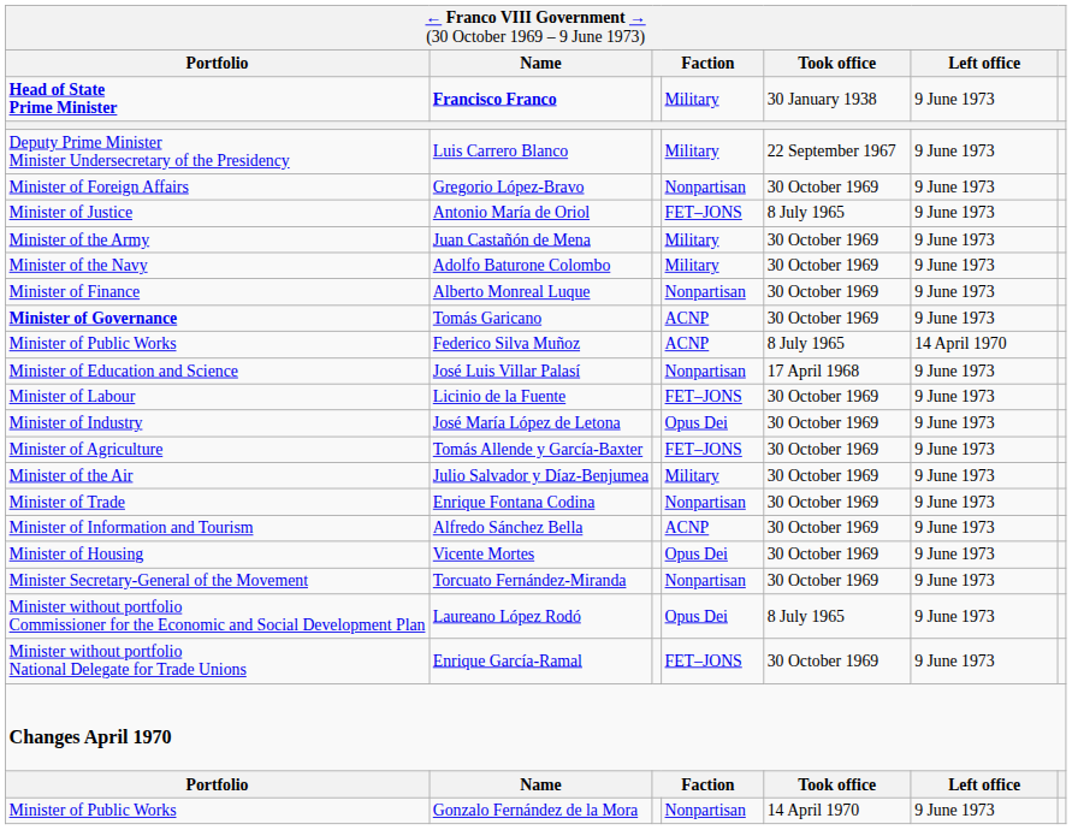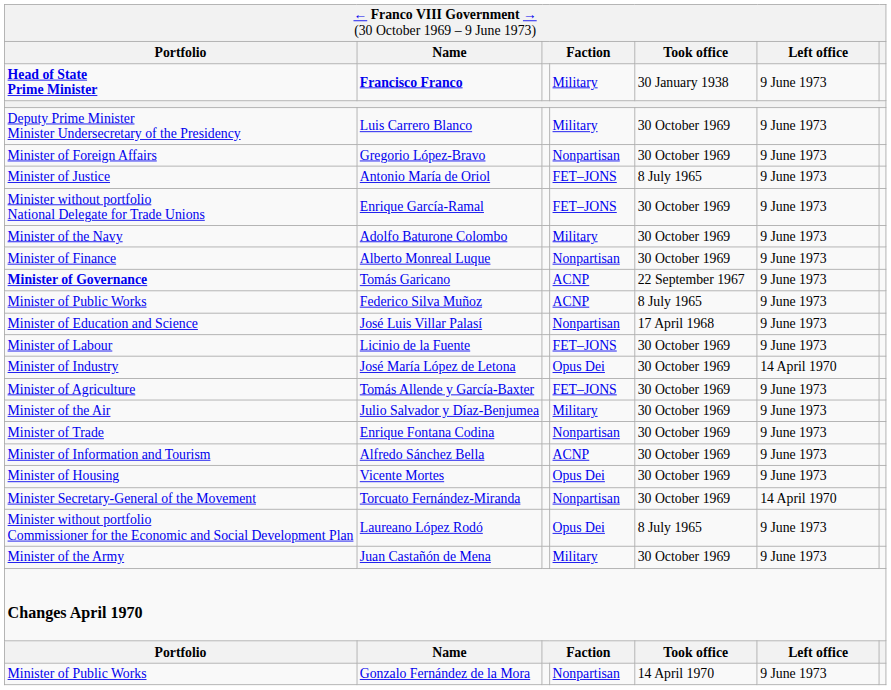 <table class="wikitable">
 <tr>
 <td colspan="7" bgcolor="#F2F2F2" align="center"><a href='#'>←</a> <strong>Franco VIII Government</strong> <a href='#'>→</a><br>(30 October 1969 – 9 June 1973)</td>
 </tr>
 <tr>
 <th>Portfolio</th>
 <th>Name</th>
 <th width="100px" colspan="2">Faction</th>
 <th width="135px">Took office</th>
 <th width="135px">Left office</th>
 <th></th>
 </tr>
 <tr>
 <td><strong><a href='#'>Head of State</a><br><a href='#'>Prime Minister</a></strong></td>
 <td><strong><a href='#'>Francisco Franco</a></strong></td>
 <td width="1" style="background-color:"></td>
 <td><a href='#'>Military</a></td>
 <td>30 January 1938</td>
 <td>9 June 1973</td>
 <td align="center"><br></td>
 </tr>
 <tr>
 <th colspan="7"></th>
 </tr>
 <tr>
 <td><a href='#'>Deputy Prime Minister</a><br><a href='#'>Minister Undersecretary of the Presidency</a></td>
 <td><a href='#'>Luis Carrero Blanco</a></td>
 <td style="background-color:"></td>
 <td><a href='#'>Military</a></td>
-<td>22 September 1967</td>
+<td>30 October 1969</td>
 <td>9 June 1973</td>
 <td align="center"></td>
 </tr>
 <tr>
 <td><a href='#'>Minister of Foreign Affairs</a></td>
 <td><a href='#'>Gregorio López-Bravo</a></td>
 <td style="background-color:"></td>
 <td><a href='#'>Nonpartisan</a></td>
 <td>30 October 1969</td>
 <td>9 June 1973</td>
 <td align="center"></td>
 </tr>
 <tr>
 <td><a href='#'>Minister of Justice</a></td>
 <td><a href='#'>Antonio María de Oriol</a></td>
 <td style="background-color:"></td>
 <td><a href='#'>FET–JONS</a></td>
 <td>8 July 1965</td>
 <td>9 June 1973</td>
 <td align="center"></td>
 </tr>
 <tr>
-<td><a href='#'>Minister of the Army</a></td>
-<td><a href='#'>Juan Castañón de Mena</a></td>
+<td><a href='#'>Minister without portfolio</a><br><a href='#'>National Delegate for Trade Unions</a></td>
+<td><a href='#'>Enrique García-Ramal</a></td>
 <td style="background-color:"></td>
-<td><a href='#'>Military</a></td>
+<td><a href='#'>FET–JONS</a></td>
 <td>30 October 1969</td>
 <td>9 June 1973</td>
-<td align="center"></td>
+<td align="center"><br></td>
 </tr>
 <tr>
 <td><a href='#'>Minister of the Navy</a></td>
 <td><a href='#'>Adolfo Baturone Colombo</a></td>
 <td style="background-color:"></td>
 <td><a href='#'>Military</a></td>
 <td>30 October 1969</td>
 <td>9 June 1973</td>
 <td align="center"></td>
 </tr>
 <tr>
 <td><a href='#'>Minister of Finance</a></td>
 <td><a href='#'>Alberto Monreal Luque</a></td>
 <td style="background-color:"></td>
 <td><a href='#'>Nonpartisan</a></td>
 <td>30 October 1969</td>
 <td>9 June 1973</td>
 <td align="center"></td>
 </tr>
 <tr>
 <td><strong><a href='#'>Minister of Governance</a></strong></td>
 <td><a href='#'>Tomás Garicano</a></td>
 <td style="background-color:"></td>
 <td><a href='#'>ACNP</a></td>
-<td>30 October 1969</td>
+<td>22 September 1967</td>
 <td>9 June 1973</td>
 <td align="center"></td>
 </tr>
 <tr>
 <td><a href='#'>Minister of Public Works</a></td>
 <td><a href='#'>Federico Silva Muñoz</a></td>
 <td style="background-color:"></td>
 <td><a href='#'>ACNP</a></td>
 <td>8 July 1965</td>
-<td>14 April 1970</td>
+<td>9 June 1973</td>
 <td align="center"></td>
 </tr>
 <tr>
 <td><a href='#'>Minister of Education and Science</a></td>
 <td><a href='#'>José Luis Villar Palasí</a></td>
 <td style="background-color:"></td>
 <td><a href='#'>Nonpartisan</a></td>
 <td>17 April 1968</td>
 <td>9 June 1973</td>
 <td align="center"></td>
 </tr>
 <tr>
 <td><a href='#'>Minister of Labour</a></td>
 <td><a href='#'>Licinio de la Fuente</a></td>
 <td style="background-color:"></td>
 <td><a href='#'>FET–JONS</a></td>
 <td>30 October 1969</td>
 <td>9 June 1973</td>
 <td align="center"></td>
 </tr>
 <tr>
 <td><a href='#'>Minister of Industry</a></td>
 <td><a href='#'>José María López de Letona</a></td>
 <td style="background-color:"></td>
 <td><a href='#'>Opus Dei</a></td>
 <td>30 October 1969</td>
-<td>9 June 1973</td>
+<td>14 April 1970</td>
 <td align="center"></td>
 </tr>
 <tr>
 <td><a href='#'>Minister of Agriculture</a></td>
 <td><a href='#'>Tomás Allende y García-Baxter</a></td>
 <td style="background-color:"></td>
 <td><a href='#'>FET–JONS</a></td>
 <td>30 October 1969</td>
 <td>9 June 1973</td>
 <td align="center"></td>
 </tr>
 <tr>
 <td><a href='#'>Minister of the Air</a></td>
 <td><a href='#'>Julio Salvador y Díaz-Benjumea</a></td>
 <td style="background-color:"></td>
 <td><a href='#'>Military</a></td>
 <td>30 October 1969</td>
 <td>9 June 1973</td>
 <td align="center"></td>
 </tr>
 <tr>
 <td><a href='#'>Minister of Trade</a></td>
 <td><a href='#'>Enrique Fontana Codina</a></td>
 <td style="background-color:"></td>
 <td><a href='#'>Nonpartisan</a></td>
 <td>30 October 1969</td>
 <td>9 June 1973</td>
 <td align="center"></td>
 </tr>
 <tr>
 <td><a href='#'>Minister of Information and Tourism</a></td>
 <td><a href='#'>Alfredo Sánchez Bella</a></td>
 <td style="background-color:"></td>
 <td><a href='#'>ACNP</a></td>
 <td>30 October 1969</td>
 <td>9 June 1973</td>
 <td align="center"></td>
 </tr>
 <tr>
 <td><a href='#'>Minister of Housing</a></td>
 <td><a href='#'>Vicente Mortes</a></td>
 <td style="background-color:"></td>
 <td><a href='#'>Opus Dei</a></td>
 <td>30 October 1969</td>
 <td>9 June 1973</td>
 <td align="center"></td>
 </tr>
 <tr>
 <td><a href='#'>Minister Secretary-General of the Movement</a></td>
 <td><a href='#'>Torcuato Fernández-Miranda</a></td>
 <td style="background-color:"></td>
 <td><a href='#'>Nonpartisan</a></td>
 <td>30 October 1969</td>
-<td>9 June 1973</td>
+<td>14 April 1970</td>
 <td align="center"></td>
 </tr>
 <tr>
 <td><a href='#'>Minister without portfolio</a><br><a href='#'>Commissioner for the Economic and Social Development Plan</a></td>
 <td><a href='#'>Laureano López Rodó</a></td>
 <td style="background-color:"></td>
 <td><a href='#'>Opus Dei</a></td>
 <td>8 July 1965</td>
 <td>9 June 1973</td>
 <td align="center"></td>
 </tr>
 <tr>
-<td><a href='#'>Minister without portfolio</a><br><a href='#'>National Delegate for Trade Unions</a></td>
-<td><a href='#'>Enrique García-Ramal</a></td>
+<td><a href='#'>Minister of the Army</a></td>
+<td><a href='#'>Juan Castañón de Mena</a></td>
 <td style="background-color:"></td>
-<td><a href='#'>FET–JONS</a></td>
+<td><a href='#'>Military</a></td>
 <td>30 October 1969</td>
 <td>9 June 1973</td>
-<td align="center"><br></td>
+<td align="center"></td>
 </tr>
 <tr>
 <td colspan="7"><br><h3>Changes April 1970</h3></td>
 </tr>
 <tr>
 <th>Portfolio</th>
 <th>Name</th>
 <th colspan="2">Faction</th>
 <th>Took office</th>
 <th>Left office</th>
 <th></th>
 </tr>
 <tr>
 <td><a href='#'>Minister of Public Works</a></td>
 <td><a href='#'>Gonzalo Fernández de la Mora</a></td>
 <td style="background-color:"></td>
 <td><a href='#'>Nonpartisan</a></td>
 <td>14 April 1970</td>
 <td>9 June 1973</td>
 <td align="center"></td>
 </tr>
 </table>
